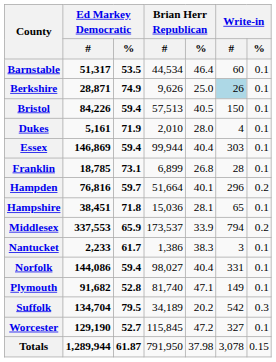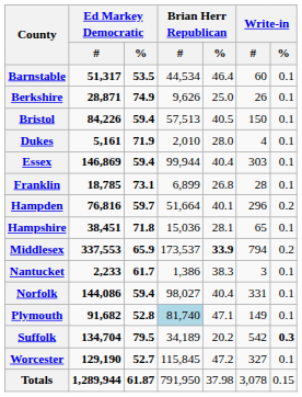 <table class="wikitable sortable" style="text-align:right;font-size:90%;line-height:1.3">
 <tr>
 <th rowspan="2">County</th>
 <th colspan="2"><a href='#'>Ed Markey</a><br><a href='#'>Democratic</a></th>
 <th colspan="2">Brian Herr<br><a href='#'>Republican</a></th>
 <th colspan="2"><a href='#'>Write-in</a></th>
 </tr>
 <tr>
 <th data-sort-type="number">#</th>
 <th data-sort-type="number">%</th>
 <th data-sort-type="number">#</th>
 <th data-sort-type="number">%</th>
 <th data-sort-type="number">#</th>
 <th data-sort-type="number">%</th>
 </tr>
 <tr>
 <th><a href='#'>Barnstable</a></th>
 <td><strong>51,317</strong></td>
 <td><strong>53.5</strong></td>
 <td>44,534</td>
 <td>46.4</td>
 <td>60</td>
 <td>0.1</td>
 </tr>
 <tr>
 <th><a href='#'>Berkshire</a></th>
 <td><strong>28,871</strong></td>
 <td><strong>74.9</strong></td>
 <td>9,626</td>
 <td>25.0</td>
-<td style="background: lightblue;">26</td>
+<td>26</td>
 <td>0.1</td>
 </tr>
 <tr>
 <th><a href='#'>Bristol</a></th>
 <td><strong>84,226</strong></td>
 <td><strong>59.4</strong></td>
 <td>57,513</td>
 <td>40.5</td>
 <td>150</td>
 <td>0.1</td>
 </tr>
 <tr>
 <th><a href='#'>Dukes</a></th>
 <td><strong>5,161</strong></td>
 <td><strong>71.9</strong></td>
 <td>2,010</td>
 <td>28.0</td>
 <td>4</td>
 <td>0.1</td>
 </tr>
 <tr>
 <th><a href='#'>Essex</a></th>
 <td><strong>146,869</strong></td>
 <td><strong>59.4</strong></td>
 <td>99,944</td>
 <td>40.4</td>
 <td>303</td>
 <td>0.1</td>
 </tr>
 <tr>
 <th><a href='#'>Franklin</a></th>
 <td><strong>18,785</strong></td>
 <td><strong>73.1</strong></td>
 <td>6,899</td>
 <td>26.8</td>
 <td>28</td>
 <td>0.1</td>
 </tr>
 <tr>
 <th><a href='#'>Hampden</a></th>
 <td><strong>76,816</strong></td>
 <td><strong>59.7</strong></td>
 <td>51,664</td>
 <td>40.1</td>
 <td>296</td>
 <td>0.2</td>
 </tr>
 <tr>
 <th><a href='#'>Hampshire</a></th>
 <td><strong>38,451</strong></td>
 <td><strong>71.8</strong></td>
 <td>15,036</td>
 <td>28.1</td>
 <td>65</td>
 <td>0.1</td>
 </tr>
 <tr>
 <th><a href='#'>Middlesex</a></th>
 <td><strong>337,553</strong></td>
 <td><strong>65.9</strong></td>
 <td>173,537</td>
-<td>33.9</td>
+<td><strong>33.9</strong></td>
 <td>794</td>
 <td>0.2</td>
 </tr>
 <tr>
 <th><a href='#'>Nantucket</a></th>
 <td><strong>2,233</strong></td>
 <td><strong>61.7</strong></td>
 <td>1,386</td>
 <td>38.3</td>
 <td>3</td>
 <td>0.1</td>
 </tr>
 <tr>
 <th><a href='#'>Norfolk</a></th>
 <td><strong>144,086</strong></td>
 <td><strong>59.4</strong></td>
 <td>98,027</td>
 <td>40.4</td>
 <td>331</td>
 <td>0.1</td>
 </tr>
 <tr>
 <th><a href='#'>Plymouth</a></th>
 <td><strong>91,682</strong></td>
 <td><strong>52.8</strong></td>
-<td>81,740</td>
+<td style="background: lightblue;">81,740</td>
 <td>47.1</td>
 <td>149</td>
 <td>0.1</td>
 </tr>
 <tr>
 <th><a href='#'>Suffolk</a></th>
 <td><strong>134,704</strong></td>
 <td><strong>79.5</strong></td>
 <td>34,189</td>
 <td>20.2</td>
 <td>542</td>
-<td>0.3</td>
+<td><strong>0.3</strong></td>
 </tr>
 <tr>
 <th><a href='#'>Worcester</a></th>
 <td><strong>129,190</strong></td>
 <td><strong>52.7</strong></td>
 <td>115,845</td>
 <td>47.2</td>
 <td>327</td>
 <td>0.1</td>
 </tr>
 <tr class=sortbottom>
 <th>Totals</th>
 <td><strong>1,289,944</strong></td>
 <td><strong>61.87</strong></td>
 <td>791,950</td>
 <td>37.98</td>
 <td>3,078</td>
 <td>0.15</td>
 </tr>
 </table>
